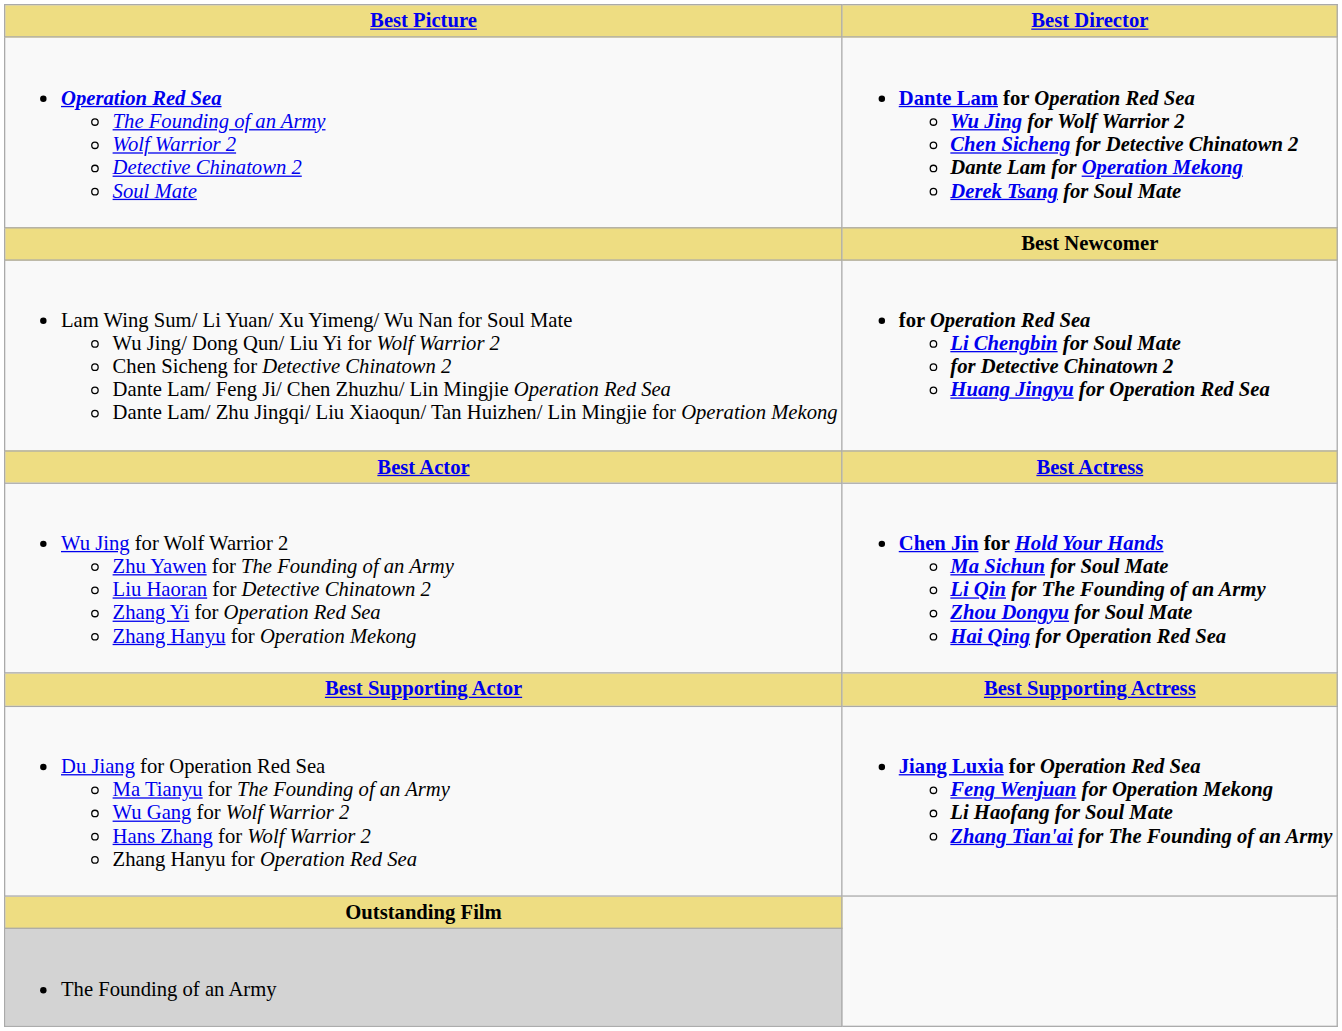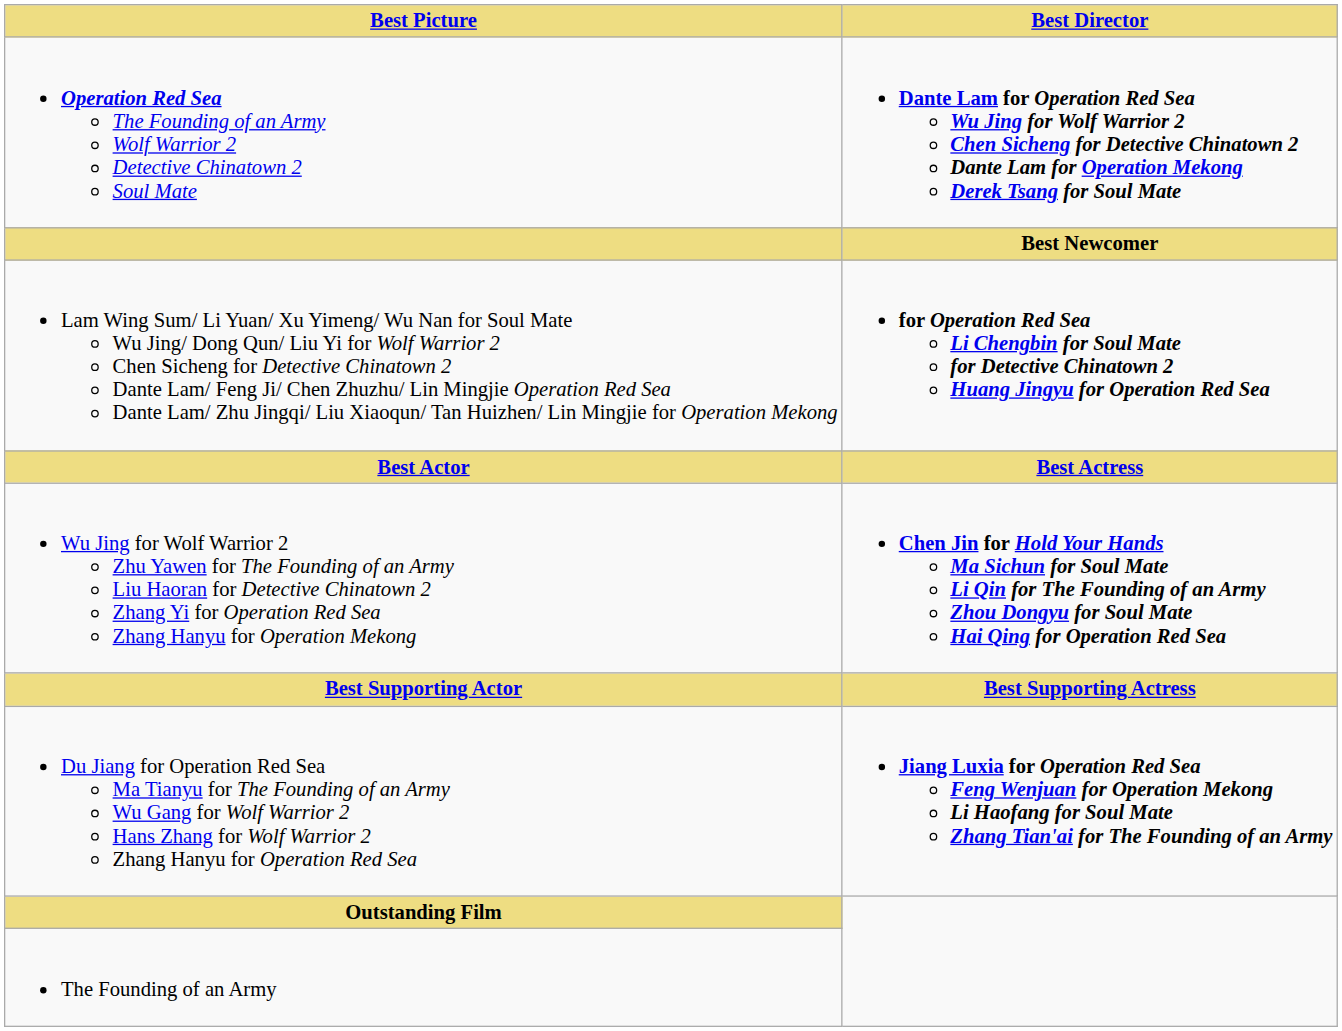 <table class=wikitable>
 <tr>
 <th style="background:#EEDD82; width=50%"><a href='#'>Best Picture</a></th>
 <th style="background:#EEDD82; width=50%"><a href='#'>Best Director</a></th>
 </tr>
 <tr>
 <td valign="top"><br><ul><li><strong><em><a href='#'>Operation Red Sea</a></em></strong><ul><li><em><a href='#'>The Founding of an Army</a></em></li><li><em><a href='#'>Wolf Warrior 2</a></em></li><li><em><a href='#'>Detective Chinatown 2</a></em></li><li><em><a href='#'>Soul Mate</a></em></li></ul></li></ul></td>
 <td valign="top"><br><ul><li><strong><a href='#'>Dante Lam</a> for <em>Operation Red Sea<strong><em><ul><li><a href='#'>Wu Jing</a> for </em>Wolf Warrior 2<em></li><li><a href='#'>Chen Sicheng</a> for </em>Detective Chinatown 2<em></li><li>Dante Lam for </em><a href='#'>Operation Mekong</a><em></li><li><a href='#'>Derek Tsang</a> for </em>Soul Mate<em></li></ul></li></ul></td>
 </tr>
 <tr>
 <th style="background:#EEDD82; width=50%"></th>
 <th style="background:#EEDD82; width=50%">Best Newcomer</th>
 </tr>
 <tr>
 <td valign="top"><br><ul><li></strong>Lam Wing Sum/ Li Yuan/ Xu Yimeng/ Wu Nan for </em>Soul Mate</em></strong><ul><li>Wu Jing/ Dong Qun/ Liu Yi for <em>Wolf Warrior 2</em></li><li>Chen Sicheng for <em>Detective Chinatown 2</em></li><li>Dante Lam/ Feng Ji/ Chen Zhuzhu/ Lin Mingjie <em>Operation Red Sea</em></li><li>Dante Lam/ Zhu Jingqi/ Liu Xiaoqun/ Tan Huizhen/ Lin Mingjie for <em>Operation Mekong</em></li></ul></li></ul></td>
 <td valign="top"><br><ul><li><strong> for <em>Operation Red Sea<strong><em><ul><li><a href='#'>Li Chengbin</a> for </em>Soul Mate<em></li><li> for </em>Detective Chinatown 2<em></li><li><a href='#'>Huang Jingyu</a> for </em>Operation Red Sea<em></li></ul></li></ul></td>
 </tr>
 <tr>
 <th style="background:#EEDD82; width=50%"><a href='#'>Best Actor</a></th>
 <th style="background:#EEDD82; width=50%"><a href='#'>Best Actress</a></th>
 </tr>
 <tr>
 <td valign="top"><br><ul><li></strong><a href='#'>Wu Jing</a> for </em>Wolf Warrior 2</em></strong><ul><li><a href='#'>Zhu Yawen</a> for <em>The Founding of an Army</em></li><li><a href='#'>Liu Haoran</a> for <em>Detective Chinatown 2</em></li><li><a href='#'>Zhang Yi</a> for <em>Operation Red Sea</em></li><li><a href='#'>Zhang Hanyu</a> for <em>Operation Mekong</em></li></ul></li></ul></td>
 <td valign="top"><br><ul><li><strong><a href='#'>Chen Jin</a> for <em><a href='#'>Hold Your Hands</a><strong><em><ul><li><a href='#'>Ma Sichun</a> for </em>Soul Mate<em></li><li><a href='#'>Li Qin</a> for </em>The Founding of an Army<em></li><li><a href='#'>Zhou Dongyu</a> for </em>Soul Mate<em></li><li><a href='#'>Hai Qing</a> for </em>Operation Red Sea<em></li></ul></li></ul></td>
 </tr>
 <tr>
 <th style="background:#EEDD82; width=50%"><a href='#'>Best Supporting Actor</a></th>
 <th style="background:#EEDD82; width=50%"><a href='#'>Best Supporting Actress</a></th>
 </tr>
 <tr>
 <td valign="top"><br><ul><li></strong><a href='#'>Du Jiang</a> for  </em>Operation Red Sea</em></strong><ul><li><a href='#'>Ma Tianyu</a> for <em>The Founding of an Army</em></li><li><a href='#'>Wu Gang</a> for <em>Wolf Warrior 2</em></li><li><a href='#'>Hans Zhang</a> for <em>Wolf Warrior 2</em></li><li>Zhang Hanyu for <em>Operation Red Sea</em></li></ul></li></ul></td>
 <td valign="top"><br><ul><li><strong><a href='#'>Jiang Luxia</a> for <em>Operation Red Sea<strong><em><ul><li><a href='#'>Feng Wenjuan</a> for </em>Operation Mekong<em></li><li>Li Haofang for </em>Soul Mate<em></li><li><a href='#'>Zhang Tian'ai</a> for </em>The Founding of an Army<em></li></ul></li></ul></td>
 </tr>
 <tr>
 <th style="background:#EEDD82; width=50%">Outstanding Film</th>
 </tr>
 <tr>
-<td valign="top" style="background: lightgrey;"><br><ul><li></em></strong>The Founding of an Army<strong><em></li></ul></td>
+<td valign="top"><br><ul><li></em></strong>The Founding of an Army<strong><em></li></ul></td>
 </tr>
 </table>
